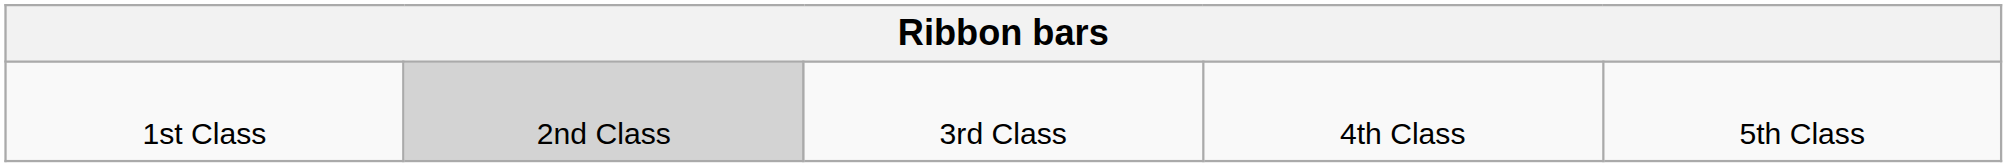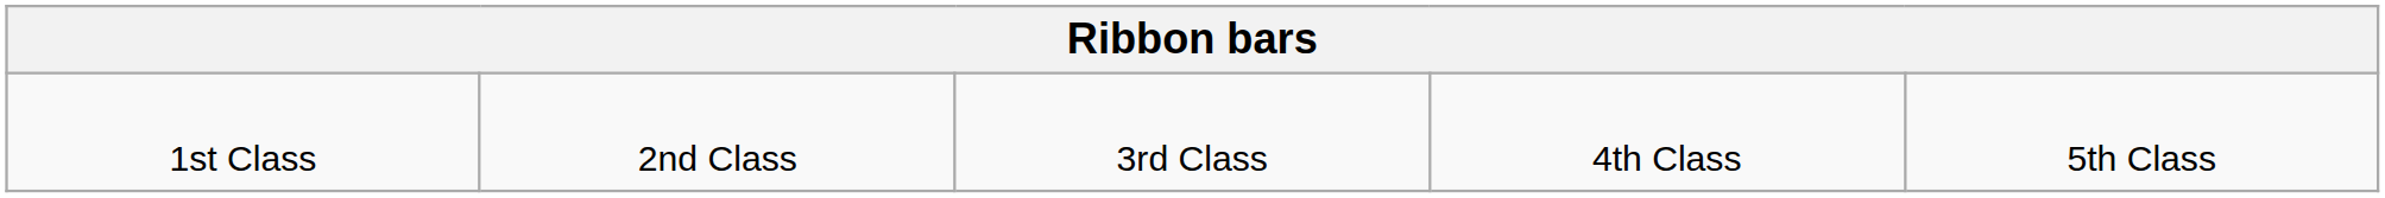 <table class="wikitable" style="margin:auto; width:70%;">
 <tr>
 <th colspan=5>Ribbon bars</th>
 </tr>
 <tr>
 <td style="width:20%; text-align:center;"><br><small>1st Class</small></td>
-<td style="background: lightgrey; width:20%; text-align:center;"><br><small>2nd Class</small></td>
+<td style="width:20%; text-align:center;"><br><small>2nd Class</small></td>
 <td style="width:20%; text-align:center;"><br><small>3rd Class</small></td>
 <td style="width:20%; text-align:center;"><br><small>4th Class</small></td>
 <td style="width:20%; text-align:center;"><br><small>5th Class</small></td>
 </tr>
 </table>
